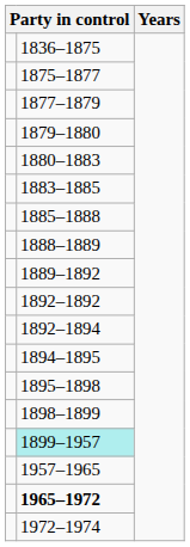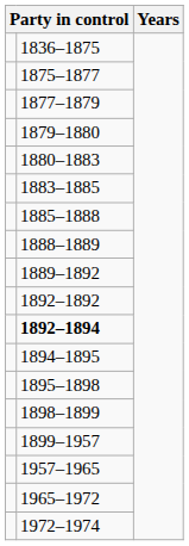 <table class="wikitable">
 <tr>
 <th colspan=2>Party in control</th>
 <th>Years</th>
 </tr>
 <tr>
 <td></td>
 <td>1836–1875</td>
 </tr>
 <tr>
 <td></td>
 <td>1875–1877</td>
 </tr>
 <tr>
 <td></td>
 <td>1877–1879</td>
 </tr>
 <tr>
 <td></td>
 <td>1879–1880</td>
 </tr>
 <tr>
 <td></td>
 <td>1880–1883</td>
 </tr>
 <tr>
 <td></td>
 <td>1883–1885</td>
 </tr>
 <tr>
 <td></td>
 <td>1885–1888</td>
 </tr>
 <tr>
 <td></td>
 <td>1888–1889</td>
 </tr>
 <tr>
 <td></td>
 <td>1889–1892</td>
 </tr>
 <tr>
 <td></td>
 <td>1892–1892</td>
 </tr>
 <tr>
 <td></td>
-<td>1892–1894</td>
+<td><strong>1892–1894</strong></td>
 </tr>
 <tr>
 <td></td>
 <td>1894–1895</td>
 </tr>
 <tr>
 <td></td>
 <td>1895–1898</td>
 </tr>
 <tr>
 <td></td>
 <td>1898–1899</td>
 </tr>
 <tr>
 <td></td>
-<td style="background: paleturquoise;">1899–1957</td>
+<td>1899–1957</td>
 </tr>
 <tr>
 <td></td>
 <td>1957–1965</td>
 </tr>
 <tr>
 <td></td>
-<td><strong>1965–1972</strong></td>
+<td>1965–1972</td>
 </tr>
 <tr>
 <td></td>
 <td>1972–1974</td>
 </tr>
 </table>
